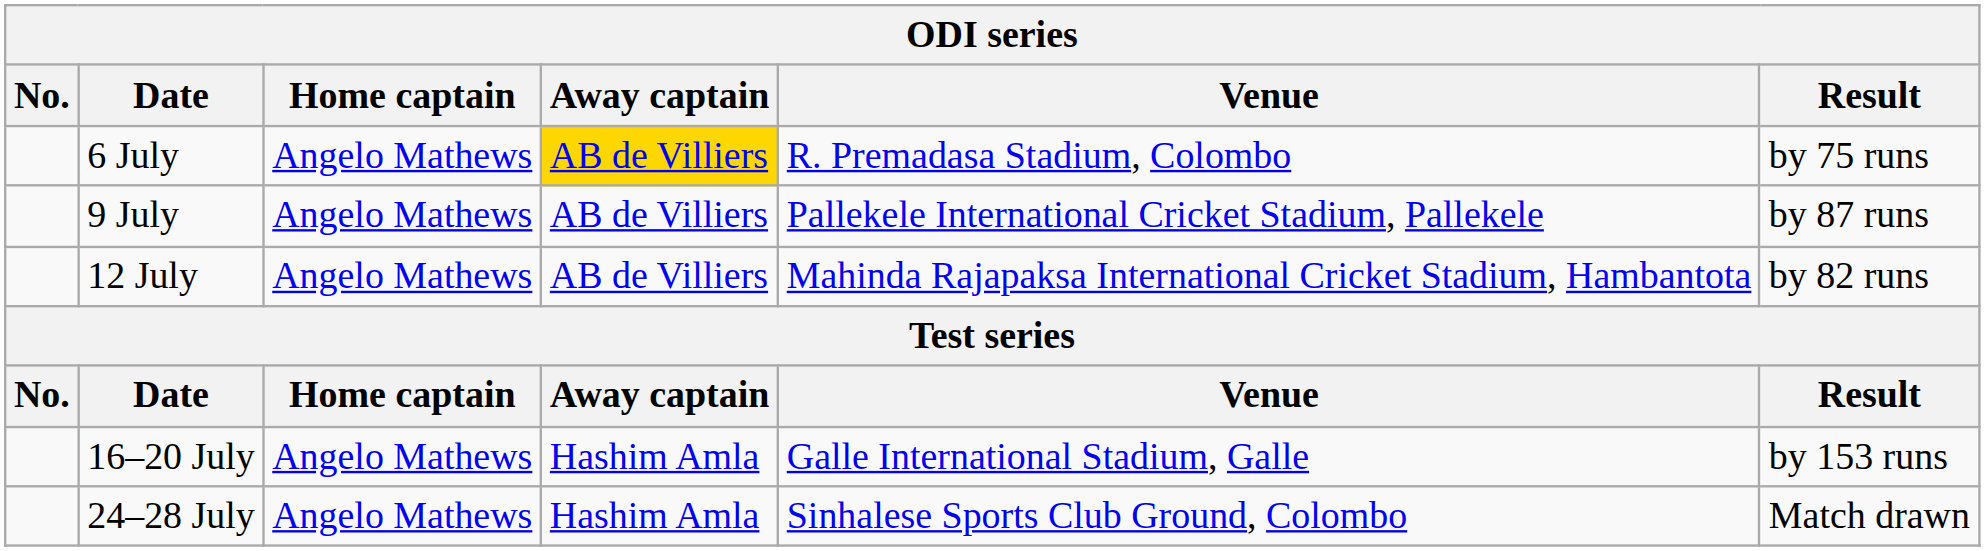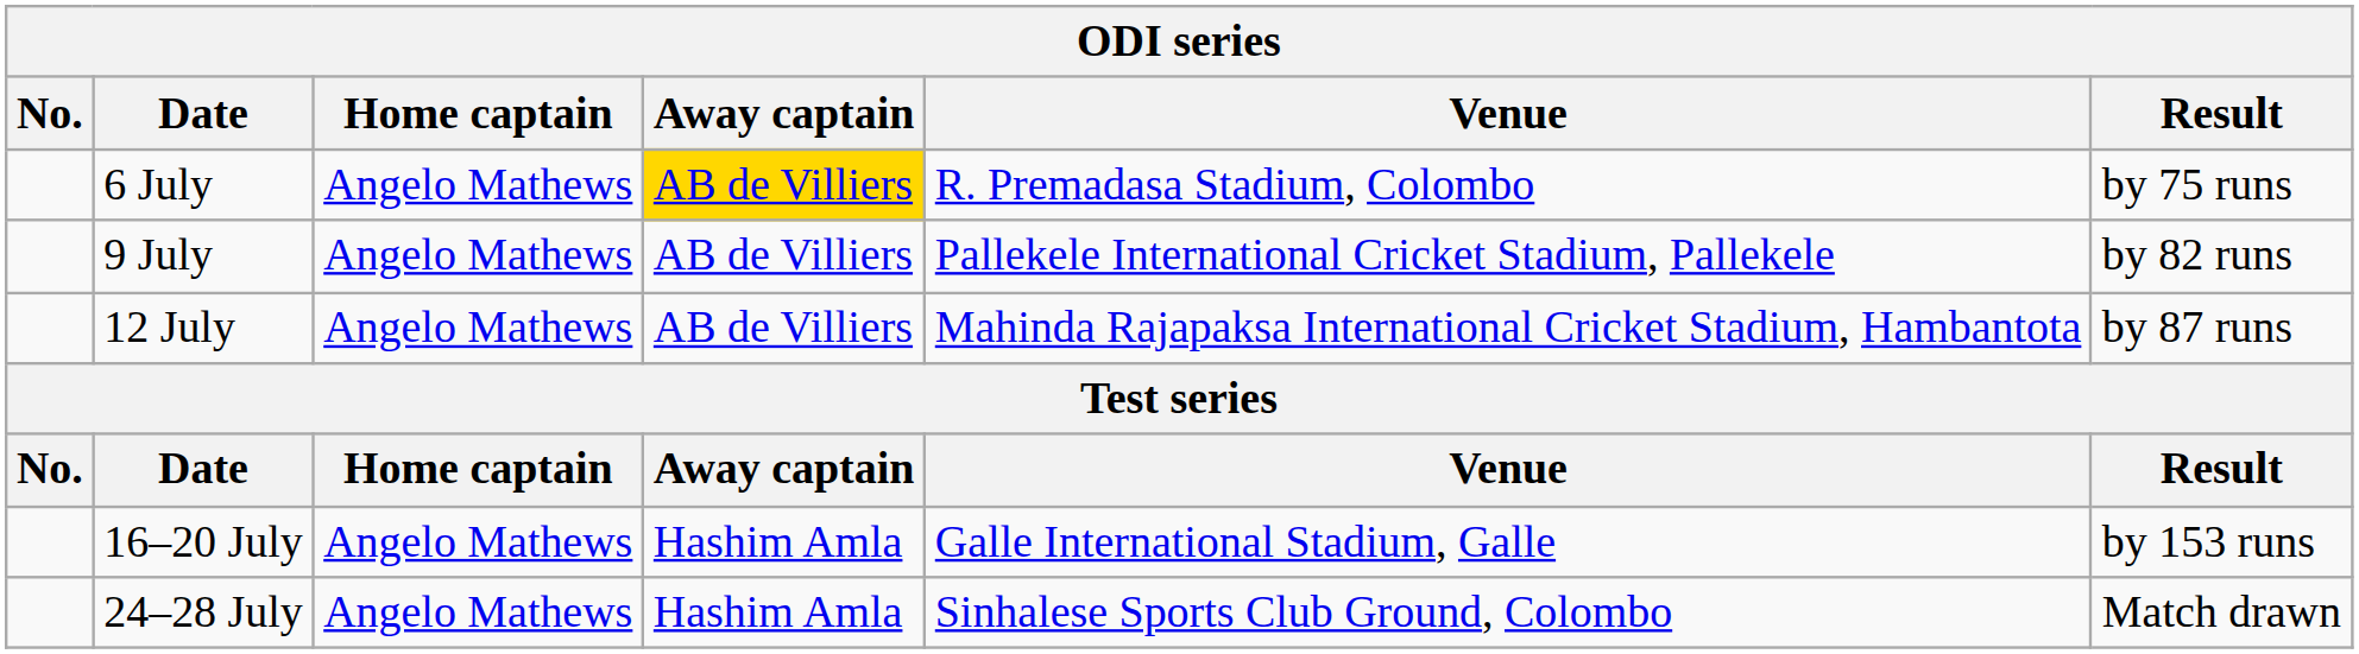 <table class="wikitable">
 <tr>
 <th colspan="9">ODI series</th>
 </tr>
 <tr>
 <th>No.</th>
 <th>Date</th>
 <th>Home captain</th>
 <th>Away captain</th>
 <th>Venue</th>
 <th>Result</th>
 </tr>
 <tr>
 <td></td>
 <td>6 July</td>
 <td><a href='#'>Angelo Mathews</a></td>
 <td style="background: gold;"><a href='#'>AB de Villiers</a></td>
 <td><a href='#'>R. Premadasa Stadium</a>, <a href='#'>Colombo</a></td>
 <td> by 75 runs</td>
 </tr>
 <tr>
 <td></td>
 <td>9 July</td>
 <td><a href='#'>Angelo Mathews</a></td>
 <td><a href='#'>AB de Villiers</a></td>
 <td><a href='#'>Pallekele International Cricket Stadium</a>, <a href='#'>Pallekele</a></td>
-<td> by 87 runs</td>
+<td> by 82 runs</td>
 </tr>
 <tr>
 <td></td>
 <td>12 July</td>
 <td><a href='#'>Angelo Mathews</a></td>
 <td><a href='#'>AB de Villiers</a></td>
 <td><a href='#'>Mahinda Rajapaksa International Cricket Stadium</a>, <a href='#'>Hambantota</a></td>
-<td> by 82 runs</td>
+<td> by 87 runs</td>
 </tr>
 <tr>
 <th colspan="9">Test series</th>
 </tr>
 <tr>
 <th>No.</th>
 <th>Date</th>
 <th>Home captain</th>
 <th>Away captain</th>
 <th>Venue</th>
 <th>Result</th>
 </tr>
 <tr>
 <td></td>
 <td>16–20 July</td>
 <td><a href='#'>Angelo Mathews</a></td>
 <td><a href='#'>Hashim Amla</a></td>
 <td><a href='#'>Galle International Stadium</a>, <a href='#'>Galle</a></td>
 <td> by 153 runs</td>
 </tr>
 <tr>
 <td></td>
 <td>24–28 July</td>
 <td><a href='#'>Angelo Mathews</a></td>
 <td><a href='#'>Hashim Amla</a></td>
 <td><a href='#'>Sinhalese Sports Club Ground</a>, <a href='#'>Colombo</a></td>
 <td>Match drawn</td>
 </tr>
 </table>
